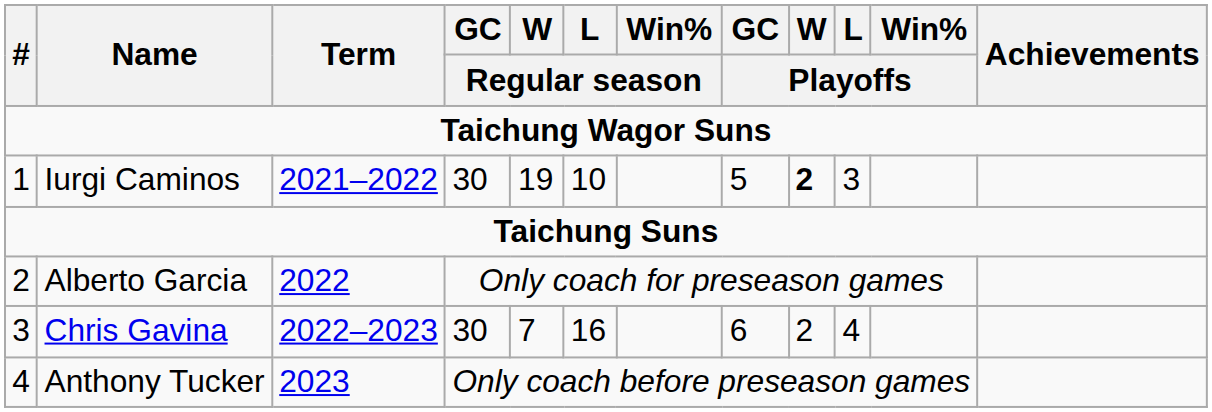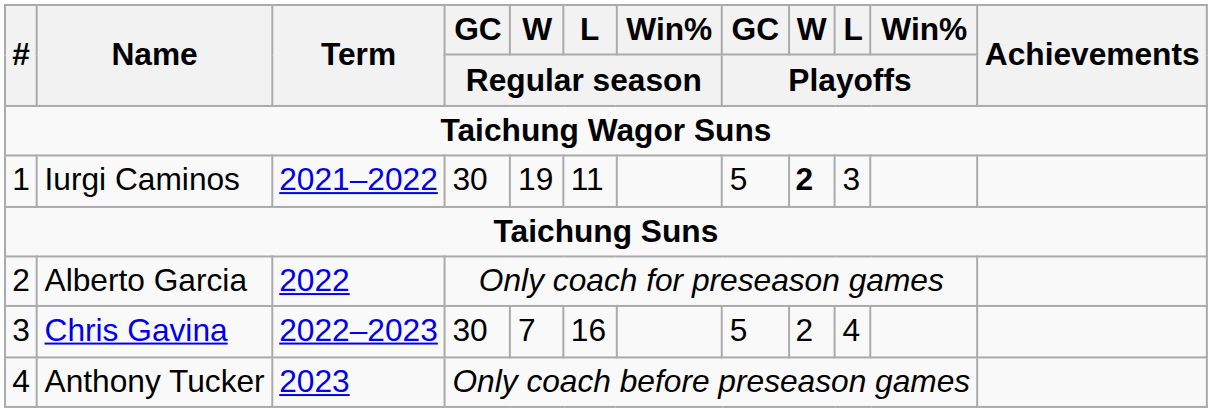 <table class="wikitable sortable">
 <tr>
 <th rowspan="2">#</th>
 <th rowspan="2">Name</th>
 <th rowspan="2">Term</th>
 <th>GC</th>
 <th>W</th>
 <th>L</th>
 <th>Win%</th>
 <th>GC</th>
 <th>W</th>
 <th>L</th>
 <th>Win%</th>
 <th rowspan="2" class=unsortable>Achievements</th>
 </tr>
 <tr class="unsortable">
 <th colspan="4">Regular season</th>
 <th colspan="4">Playoffs</th>
 </tr>
 <tr>
 <td align=center colspan="15"><strong>Taichung Wagor Suns</strong></td>
 </tr>
 <tr>
 <td align=center>1</td>
 <td>Iurgi Caminos</td>
 <td><a href='#'>2021–2022</a></td>
 <td>30</td>
 <td>19</td>
-<td>10</td>
+<td>11</td>
 <td></td>
 <td>5</td>
 <td><strong>2</strong></td>
 <td>3</td>
 <td></td>
 <td></td>
 </tr>
 <tr>
 <td align=center colspan="15"><strong>Taichung Suns</strong></td>
 </tr>
 <tr>
 <td align=center>2</td>
 <td>Alberto Garcia</td>
 <td><a href='#'>2022</a></td>
 <td colspan=8 align="center"><em>Only coach for preseason games</em></td>
 </tr>
 <tr>
 <td align=center>3</td>
 <td><a href='#'>Chris Gavina</a></td>
 <td><a href='#'>2022–2023</a></td>
 <td>30</td>
 <td>7</td>
 <td>16</td>
 <td></td>
-<td>6</td>
+<td>5</td>
 <td>2</td>
 <td>4</td>
 <td></td>
 <td></td>
 </tr>
 <tr>
 <td align=center>4</td>
 <td>Anthony Tucker</td>
 <td><a href='#'>2023</a></td>
 <td colspan=8 align="center"><em>Only coach before preseason games</em></td>
 </tr>
 </table>
